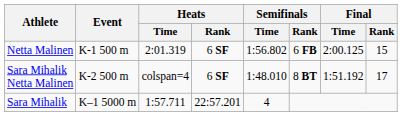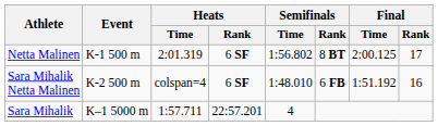 <table class=wikitable style="font-size:90%">
 <tr>
 <th rowspan="2">Athlete</th>
 <th rowspan="2">Event</th>
 <th colspan=2>Heats</th>
 <th colspan=2>Semifinals</th>
 <th colspan=2>Final</th>
 </tr>
 <tr style="font-size:95%">
 <th>Time</th>
 <th>Rank</th>
 <th>Time</th>
 <th>Rank</th>
 <th>Time</th>
 <th>Rank</th>
 </tr>
 <tr align=center>
 <td align=left><a href='#'>Netta Malinen</a></td>
 <td align=left>K-1 500 m</td>
 <td>2:01.319</td>
 <td>6 <strong>SF</strong></td>
 <td>1:56.802</td>
-<td>6 <strong>FB</strong></td>
+<td>8 <strong>BT</strong></td>
 <td>2:00.125</td>
-<td>15</td>
+<td>17</td>
 </tr>
 <tr align=center>
 <td align=left><a href='#'>Sara Mihalik</a><br><a href='#'>Netta Malinen</a></td>
 <td align=left>K-2 500 m</td>
 <td>colspan=4 </td>
 <td>6 <strong>SF</strong></td>
 <td>1:48.010</td>
-<td>8 <strong>BT</strong></td>
+<td>6 <strong>FB</strong></td>
 <td>1:51.192</td>
-<td>17</td>
+<td>16</td>
 </tr>
 <tr align=center>
 <td align=left><a href='#'>Sara Mihalik</a></td>
 <td align=left>K–1 5000 m</td>
 <td>1:57.711</td>
 <td>22:57.201</td>
 <td>4</td>
 </tr>
 </table>
